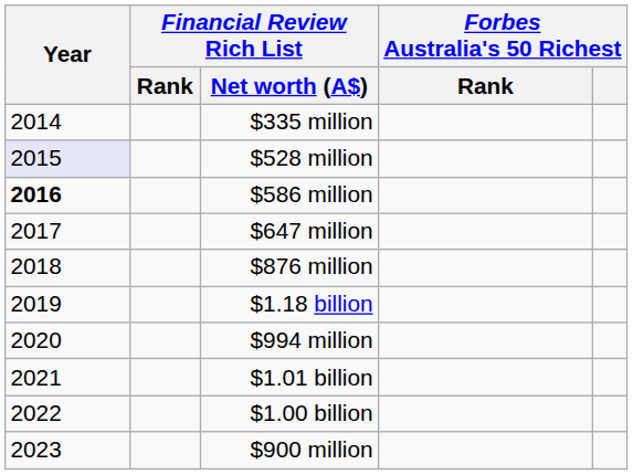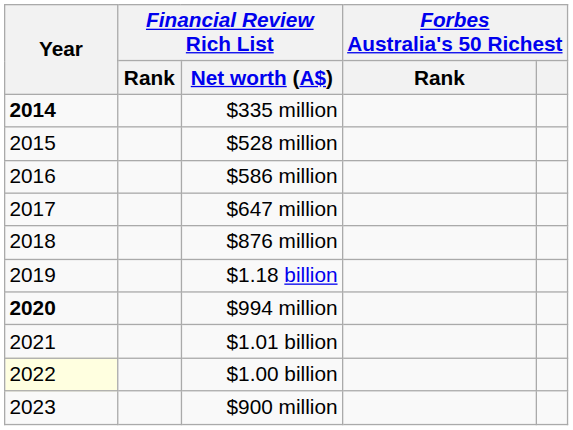 <table class="wikitable">
 <tr>
 <th rowspan=2>Year</th>
 <th colspan=2 width=40%><em><a href='#'>Financial Review</a></em><br><a href='#'>Rich List</a></th>
 <th colspan=2 width=40%><em><a href='#'>Forbes</a></em><br><a href='#'>Australia's 50 Richest</a></th>
 </tr>
 <tr>
 <th>Rank</th>
 <th><a href='#'>Net worth</a> (<a href='#'>A$</a>)<br></th>
 <th>Rank</th>
 <th></th>
 </tr>
 <tr>
-<td>2014</td>
+<td><strong>2014</strong></td>
 <td align="center"></td>
 <td align="right">$335 million </td>
 <td align="center"></td>
 <td align="right"></td>
 </tr>
 <tr>
-<td style="background: lavender;">2015</td>
+<td>2015</td>
 <td align="center"></td>
 <td align="right">$528 million </td>
 <td align="center"></td>
 <td align="right"></td>
 </tr>
 <tr>
-<td><strong>2016</strong></td>
+<td>2016</td>
 <td align="center"></td>
 <td align="right">$586 million </td>
 <td align="center"></td>
 <td align="right"></td>
 </tr>
 <tr>
 <td>2017</td>
 <td align="center"></td>
 <td align="right">$647 million </td>
 <td align="center"></td>
 <td align="right"></td>
 </tr>
 <tr>
 <td>2018</td>
 <td align="center"></td>
 <td align="right">$876 million </td>
 <td align="center"></td>
 <td align="right"></td>
 </tr>
 <tr>
 <td>2019</td>
 <td align="center"></td>
 <td align="right">$1.18 <a href='#'>billion</a> </td>
 <td align="center"></td>
 <td align="right"></td>
 </tr>
 <tr>
-<td>2020</td>
+<td><strong>2020</strong></td>
 <td align="center"></td>
 <td align="right">$994 million </td>
 <td align="center"></td>
 <td align="right"></td>
 </tr>
 <tr>
 <td>2021</td>
 <td align="center"></td>
 <td align="right">$1.01 billion </td>
 <td align="center"></td>
 <td align="right"></td>
 </tr>
 <tr>
-<td>2022</td>
+<td style="background: lightyellow;">2022</td>
 <td align="center"></td>
 <td align="right">$1.00 billion </td>
 <td align="center"></td>
 <td align="right"></td>
 </tr>
 <tr>
 <td>2023</td>
 <td align="center"></td>
 <td align="right">$900 million </td>
 <td align="center"></td>
 <td align="right"></td>
 </tr>
 </table>
